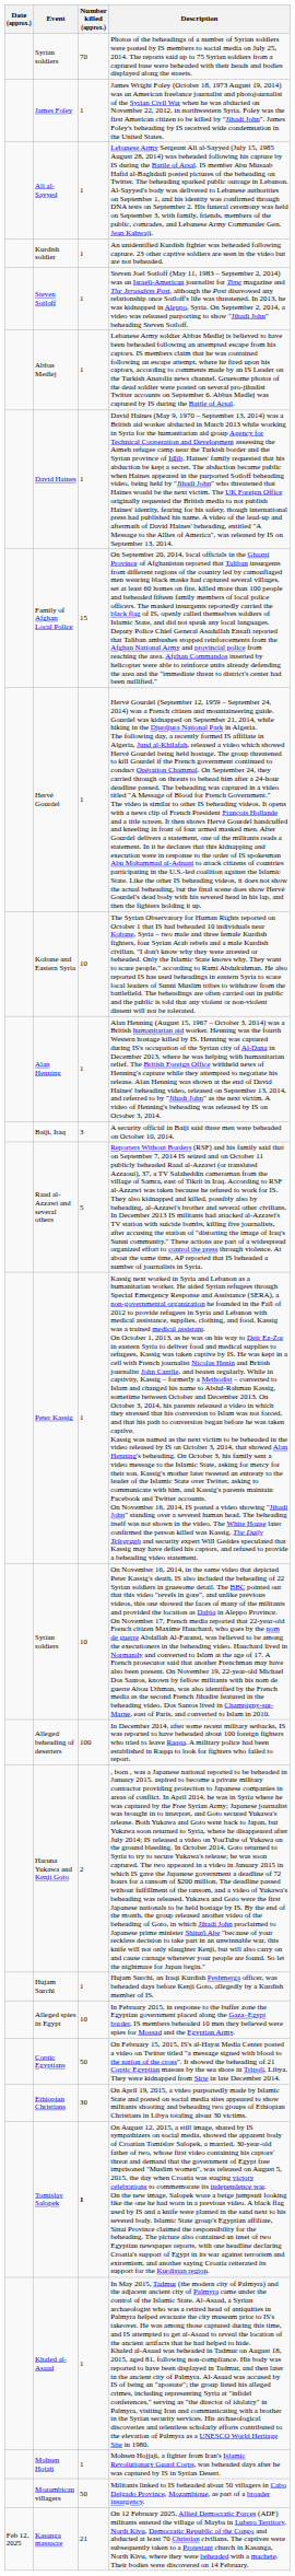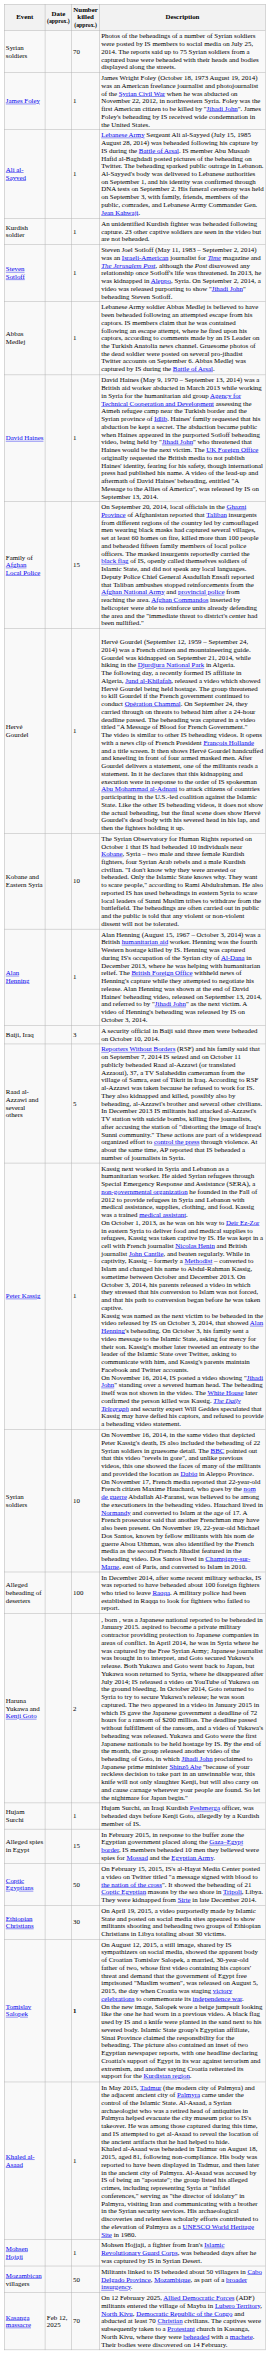 <table class="wikitable sortable toptextcells">
 <tr>
+<th>Event</th>
 <th>Date<br><small>(approx.)</small></th>
-<th>Event</th>
 <th>Number killed<br><small>(approx.)</small></th>
 <th>Description</th>
 </tr>
 <tr>
+<td>Syrian soldiers</td>
 <td></td>
-<td>Syrian soldiers</td>
 <td>70</td>
 <td>Photos of the beheadings of a number of Syrian soldiers were posted by IS members to social media on July 25, 2014. The reports said up to 75 Syrian soldiers from a captured base were beheaded with their heads and bodies displayed along the streets.</td>
 </tr>
 <tr>
+<td><a href='#'>James Foley</a></td>
 <td></td>
-<td><a href='#'>James Foley</a></td>
 <td>1</td>
 <td>James Wright Foley (October 18, 1973 August 19, 2014) was an American freelance journalist and photojournalist of the <a href='#'>Syrian Civil War</a> when he was abducted on November 22, 2012, in northwestern Syria. Foley was the first American citizen to be killed by "<a href='#'>Jihadi John</a>". James Foley's beheading by IS received wide condemnation in the United States.</td>
 </tr>
 <tr>
+<td><a href='#'>Ali al-Sayyed</a></td>
 <td></td>
-<td><a href='#'>Ali al-Sayyed</a></td>
 <td>1</td>
 <td><a href='#'>Lebanese Army</a> Sergeant Ali al-Sayyed (July 15, 1985 August 28, 2014) was beheaded following his capture by IS during the <a href='#'>Battle of Arsal</a>. IS member Abu Musaab Hafid al-Baghdadi posted pictures of the beheading on Twitter. The beheading sparked public outrage in Lebanon. Al-Sayyed's body was delivered to Lebanese authorities on September 1, and his identity was confirmed through DNA tests on September 2. His funeral ceremony was held on September 3, with family, friends, members of the public, comrades, and Lebanese Army Commander Gen. <a href='#'>Jean Kahwaji</a>.</td>
 </tr>
 <tr>
+<td>Kurdish soldier</td>
 <td></td>
-<td>Kurdish soldier</td>
 <td>1</td>
 <td>An unidentified Kurdish fighter was beheaded following capture. 23 other captive soldiers are seen in the video but are not beheaded.</td>
 </tr>
 <tr>
+<td><a href='#'>Steven Sotloff</a></td>
 <td></td>
-<td><a href='#'>Steven Sotloff</a></td>
 <td>1</td>
 <td>Steven Joel Sotloff (May 11, 1983 –  September 2, 2014) was an <a href='#'>Israeli-American</a> journalist for <em><a href='#'>Time</a></em> magazine and <em><a href='#'>The Jerusalem Post</a></em>, although the <em>Post</em> disavowed any relationship once Sotloff's life was threatened. In 2013, he was kidnapped in <a href='#'>Aleppo</a>, Syria. On September 2, 2014, a video was released purporting to show "<a href='#'>Jihadi John</a>" beheading Steven Sotloff.</td>
 </tr>
 <tr>
+<td>Abbas Medlej</td>
 <td></td>
-<td>Abbas Medlej</td>
 <td>1</td>
 <td>Lebanese Army soldier Abbas Medlej is believed to have been beheaded following an attempted escape from his captors. IS members claim that he was contained following an escape attempt, where he fired upon his captors, according to comments made by an IS Leader on the Turkish Anatolia news channel. Gruesome photos of the dead soldier were posted on several pro-jihadist Twitter accounts on September 6. Abbas Medlej was captured by IS during the <a href='#'>Battle of Arsal</a>.</td>
 </tr>
 <tr>
+<td><a href='#'>David Haines</a></td>
 <td></td>
-<td><a href='#'>David Haines</a></td>
 <td>1</td>
 <td>David Haines (May 9, 1970 –  September 13, 2014) was a British aid worker abducted in March 2013 while working in Syria for the humanitarian aid group <a href='#'>Agency for Technical Cooperation and Development</a> assessing the Atmeh refugee camp near the Turkish border and the Syrian province of <a href='#'>Idlib</a>. Haines' family requested that his abduction be kept a secret. The abduction became public when Haines appeared in the purported Sotloff beheading video, being held by "<a href='#'>Jihadi John</a>" who threatened that Haines would be the next victim. The <a href='#'>UK Foreign Office</a> originally requested the British media to not publish Haines' identity, fearing for his safety, though international press had published his name. A video of the lead-up and aftermath of David Haines' beheading, entitled "A Message to the Allies of America", was released by IS on September 13, 2014.</td>
 </tr>
 <tr>
+<td>Family of <a href='#'>Afghan Local Police</a></td>
 <td></td>
-<td>Family of <a href='#'>Afghan Local Police</a></td>
 <td>15</td>
 <td>On September 20, 2014, local officials in the <a href='#'>Ghazni Province</a> of Afghanistan reported that <a href='#'>Taliban</a> insurgents from different regions of the country led by camouflaged men wearing black masks had captured several villages, set at least 60 homes on fire, killed more than 100 people and beheaded fifteen family members of local police officers. The masked insurgents reportedly carried the <a href='#'>black flag</a> of IS, openly called themselves soldiers of Islamic State, and did not speak any local languages.<br>Deputy Police Chief General Asadullah Ensafi reported that Taliban ambushes stopped reinforcements from the <a href='#'>Afghan National Army</a> and <a href='#'>provincial police</a> from reaching the area. <a href='#'>Afghan Commandos</a> inserted by helicopter were able to reinforce units already defending the area and the "immediate threat to district's center had been nullified."</td>
 </tr>
 <tr>
+<td>Hervé Gourdel</td>
 <td></td>
-<td>Hervé Gourdel</td>
 <td>1</td>
 <td><br>Hervé Gourdel (September 12, 1959 –  September 24, 2014) was a French citizen and mountaineering guide. Gourdel was kidnapped on September 21, 2014, while hiking in the <a href='#'>Djurdjura National Park</a> in Algeria.<br>The following day, a recently formed IS affiliate in Algeria, <a href='#'>Jund al-Khilafah</a>, released a video which showed Hervé Gourdel being held hostage. The group threatened to kill Gourdel if the French government continued to conduct <a href='#'>Opération Chammal</a>. On September 24, they carried through on threats to behead him after a 24-hour deadline passed. The beheading was captured in a video titled "A Message of Blood for French Government."<br>The video is similar to other IS beheading videos. It opens with a news clip of French President <a href='#'>François Hollande</a> and a title screen. It then shows Hervé Gourdel handcuffed and kneeling in front of four armed masked men. After Gourdel delivers a statement, one of the militants reads a statement. In it he declares that this kidnapping and execution were in response to the order of IS spokesman <a href='#'>Abu Mohammad al-Adnani</a> to attack citizens of countries participating in the U.S.-led coalition against the Islamic State. Like the other IS beheading videos, it does not show the actual beheading, but the final scene does show Hervé Gourdel's dead body with his severed head in his lap, and then the fighters holding it up.</td>
 </tr>
 <tr>
+<td>Kobane and Eastern Syria</td>
 <td></td>
-<td>Kobane and Eastern Syria</td>
 <td>10</td>
 <td>The Syrian Observatory for Human Rights reported on October 1 that IS had beheaded 10 individuals near <a href='#'>Kobane</a>, Syria – two male and three female Kurdish fighters, four Syrian Arab rebels and a male Kurdish civilian. "I don't know why they were arrested or beheaded. Only the Islamic State knows why. They want to scare people," according to Rami Abdulrahman. He also reported IS has used beheadings in eastern Syria to scare local leaders of Sunni Muslim tribes to withdraw from the battlefield. The beheadings are often carried out in public and the public is told that any violent or non-violent dissent will not be tolerated.</td>
 </tr>
 <tr>
+<td><a href='#'>Alan Henning</a></td>
 <td></td>
-<td><a href='#'>Alan Henning</a></td>
 <td>1</td>
 <td>Alan Henning (August 15, 1967 –  October 3, 2014) was a British <a href='#'>humanitarian aid</a> worker. Henning was the fourth Western hostage killed by IS. Henning was captured during IS's occupation of the Syrian city of <a href='#'>Al-Dana</a> in December 2013, where he was helping with humanitarian relief. The <a href='#'>British Foreign Office</a> withheld news of Henning's capture while they attempted to negotiate his release. Alan Henning was shown at the end of David Haines' beheading video, released on September 13, 2014, and referred to by "<a href='#'>Jihadi John</a>" as the next victim. A video of Henning's beheading was released by IS on October 3, 2014.</td>
 </tr>
 <tr>
+<td>Baiji, Iraq</td>
 <td></td>
-<td>Baiji, Iraq</td>
 <td>3</td>
 <td>A security official in Baiji said three men were beheaded on October 10, 2014.</td>
 </tr>
 <tr>
+<td>Raad al-Azzawi and several others</td>
 <td></td>
-<td>Raad al-Azzawi and several others</td>
 <td>5<br></td>
 <td><a href='#'>Reporters Without Borders</a> (RSF) and his family said that on September 7, 2014 IS seized and on October 11 publicly beheaded Raad al-Azzawi (or translated Azzaoui), 37, a TV Salaheddin cameraman from the village of Samra, east of Tikrit in Iraq. According to RSF al-Azzawi was taken because he refused to work for IS. They also kidnapped and killed, possibly also by beheading, al-Azzawi's brother and several other civilians.  In December 2013 IS militants had attacked al-Azzawi's TV station with suicide bombs, killing five journalists, after accusing the station of "distorting the image of Iraq's Sunni community." These actions are part of a widespread organized effort to <a href='#'>control the press</a> through violence. At about the same time, AP reported that IS beheaded a number of journalists in Syria.</td>
 </tr>
 <tr>
+<td><a href='#'>Peter Kassig</a></td>
 <td></td>
-<td><a href='#'>Peter Kassig</a></td>
 <td>1<br></td>
 <td>Kassig next worked in Syria and Lebanon as a humanitarian worker. He aided Syrian refugees through Special Emergency Response and Assistance (SERA), a <a href='#'>non-governmental organization</a> he founded in the Fall of 2012 to provide refugees in Syria and Lebanon with medical assistance, supplies, clothing, and food. Kassig was a trained <a href='#'>medical assistant</a>.<br>On October 1, 2013, as he was on his way to <a href='#'>Deir Ez-Zor</a> in eastern Syria to deliver food and medical supplies to refugees, Kassig was taken captive by IS. He was kept in a cell with French journalist <a href='#'>Nicolas Henin</a> and British journalist <a href='#'>John Cantlie</a>, and beaten regularly. While in captivity, Kassig – formerly a <a href='#'>Methodist</a> – converted to Islam and changed his name to Abdul-Rahman Kassig, sometime between October and December 2013. On October 3, 2014, his parents released a video in which they stressed that his conversion to Islam was not forced, and that his path to conversion began before he was taken captive.<br>Kassig was named as the next victim to be beheaded in the video released by IS on October 3, 2014, that showed <a href='#'>Alan Henning</a>'s beheading. On October 3, his family sent a video message to the Islamic State, asking for mercy for their son. Kassig's mother later tweeted an entreaty to the leader of the Islamic State over Twitter, asking to communicate with him, and Kassig's parents maintain Facebook and Twitter accounts.<br>On November 16, 2014, IS posted a video showing "<a href='#'>Jihadi John</a>" standing over a severed human head. The beheading itself was not shown in the video. The <a href='#'>White House</a> later confirmed the person killed was Kassig. <em><a href='#'>The Daily Telegraph</a></em> and security expert Will Geddes speculated that Kassig may have defied his captors, and refused to provide a beheading video statement.</td>
 </tr>
 <tr>
+<td>Syrian soldiers</td>
 <td></td>
-<td>Syrian soldiers</td>
 <td>10</td>
 <td>On November 16, 2014, in the same video that depicted Peter Kassig's death, IS also included the beheading of 22 Syrian soldiers in gruesome detail. The <a href='#'>BBC</a> pointed out that this video "revels in gore", and unlike previous videos, this one showed the faces of many of the militants and provided the location as <a href='#'>Dabiq</a> in Aleppo Province.<br>On November 17, French media reported that 22-year-old French citizen Maxime Hauchard, who goes by the <a href='#'>nom de guerre</a> Abdallah Al-Faransi, was believed to be among the executioners in the beheading video. Hauchard lived in <a href='#'>Normandy</a> and converted to Islam at the age of 17. A French prosecutor said that another Frenchman may have also been present. On November 19, 22-year-old Michael Dos Santos, known by fellow militants with his nom de guerre Abou Uthman, was also identified by the French media as the second French Jihadist featured in the beheading video. Dos Santos lived in <a href='#'>Champigny-sur-Marne</a>, east of Paris, and converted to Islam in 2010.</td>
 </tr>
 <tr>
+<td>Alleged beheading of deserters</td>
 <td></td>
-<td>Alleged beheading of deserters</td>
 <td>100</td>
 <td>In December 2014, after some recent military setbacks, IS was reported to have beheaded about 100 foreign fighters who tried to leave <a href='#'>Raqqa</a>. A military police had been established in Raqqa to look for fighters who failed to report.</td>
 </tr>
 <tr>
+<td>Haruna Yukawa and <a href='#'>Kenji Goto</a></td>
 <td></td>
-<td>Haruna Yukawa and <a href='#'>Kenji Goto</a></td>
 <td>2</td>
 <td>, born , was a Japanese national reported to be beheaded in January 2015.  aspired to become a private military contractor providing protection to Japanese companies in areas of conflict. In April 2014, he was in Syria where he was captured by the Free Syrian Army; Japanese journalist  was brought in to interpret, and Goto secured Yukawa's release. Both Yukawa and Goto went back to Japan, but Yukawa soon returned to Syria, where he disappeared after July 2014; IS released a video on YouTube of Yukawa on the ground bleeding. In October 2014, Goto returned to Syria to try to secure Yukawa's release; he was soon captured. The two appeared in a video in January 2015 in which IS gave the Japanese government a deadline of 72 hours for a ransom of $200 million. The deadline passed without fulfillment of the ransom, and a video of Yukawa's beheading was released. Yukawa and Goto were the first Japanese nationals to be held hostage by IS. By the end of the month, the group released another video of the beheading of Goto, in which <a href='#'>Jihadi John</a> proclaimed to Japanese prime minister <a href='#'>Shinzō Abe</a> "because of your reckless decision to take part in an unwinnable war, this knife will not only slaughter Kenji, but will also carry on and cause carnage wherever your people are found. So let the nightmare for Japan begin."</td>
 </tr>
 <tr>
+<td>Hujam Surchi</td>
 <td></td>
-<td>Hujam Surchi</td>
 <td>1</td>
 <td>Hujam Surchi, an Iraqi Kurdish <a href='#'>Peshmerga</a> officer, was beheaded days before Kenji Goto, allegedly by a Kurdish member of IS.</td>
 </tr>
 <tr>
+<td>Alleged spies in Egypt</td>
 <td></td>
-<td>Alleged spies in Egypt</td>
-<td>10</td>
+<td>15</td>
 <td>In February 2015, in response to the buffer zone the Egyptian government placed along the <a href='#'>Gaza–Egypt border</a>, IS members beheaded 10 men they believed were spies for <a href='#'>Mossad</a> and the <a href='#'>Egyptian Army</a>.</td>
 </tr>
 <tr>
+<td><a href='#'>Coptic Egyptians</a></td>
 <td></td>
-<td><a href='#'>Coptic Egyptians</a></td>
 <td>50</td>
 <td>On February 15, 2015, IS's al-Hayat Media Center posted a video on Twitter titled "a message signed with blood to <a href='#'>the nation of the cross</a>". It showed the beheading of 21 <a href='#'>Coptic Egyptian</a> masons by the sea shore in <a href='#'>Tripoli</a>, Libya. They were kidnapped from <a href='#'>Sirte</a> in late December 2014.</td>
 </tr>
 <tr>
+<td><a href='#'>Ethiopian Christians</a></td>
 <td></td>
-<td><a href='#'>Ethiopian Christians</a></td>
 <td>30</td>
 <td>On April 19, 2015, a video purportedly made by Islamic State and posted on social media sites appeared to show militants shooting and beheading two groups of Ethiopian Christians in Libya totaling about 30 victims.</td>
 </tr>
 <tr>
+<td><a href='#'>Tomislav Salopek</a></td>
 <td></td>
-<td><a href='#'>Tomislav Salopek</a></td>
 <td><strong>1</strong></td>
 <td>On August 12, 2015, a still image, shared by IS sympathizers on social media, showed the apparent body of Croatian Tomislav Salopek, a married, 30-year-old father of two, whose first video containing his captors′ threat and demand that the government of Egypt free imprisoned "Muslim women", was released on August 5, 2015, the day when Croatia was staging <a href='#'>victory celebrations</a> to commemorate its <a href='#'>independence war</a>.<br>On the new image, Salopek wore a beige jumpsuit looking like the one he had worn in a previous video. A black flag used by IS and a knife were planted in the sand next to his severed body. Islamic State group's Egyptian affiliate, Sinai Province claimed the responsibility for the beheading. The picture also contained an inset of two Egyptian newspaper reports, with one headline declaring Croatia's support of Egypt in its war against terrorism and extremism, and another saying Croatia reiterated its support for the <a href='#'>Kurdistan region</a>.</td>
 </tr>
 <tr>
+<td><a href='#'>Khaled al-Asaad</a></td>
 <td></td>
-<td><a href='#'>Khaled al-Asaad</a></td>
 <td>1</td>
 <td>In May 2015, <a href='#'>Tadmur</a> (the modern city of Palmyra) and the adjacent ancient city of <a href='#'>Palmyra</a> came under the control of the Islamic State. Al-Asaad, a Syrian archaeologist who was a retired head of antiquities in Palmyra helped evacuate the city museum prior to IS's takeover. He was among those captured during this time, and IS attempted to get al-Asaad to reveal the location of the ancient artifacts that he had helped to hide.<br>Khaled al-Asaad was beheaded in Tadmur on August 18, 2015, aged 81, following non-compliance. His body was reported to have been displayed in Tadmur, and then later in the ancient city of Palmyra. Al-Asaad was accused by IS of being an "apostate"; the group listed his alleged crimes, including representing Syria at "infidel conferences," serving as "the director of idolatry" in Palmyra, visiting Iran and communicating with a brother in the Syrian security services. His archaeological discoveries and relentless scholarly efforts contributed to the elevation of Palmyra as a <a href='#'>UNESCO World Heritage Site</a> in 1980.</td>
 </tr>
 <tr>
+<td><a href='#'>Mohsen Hojaji</a></td>
 <td></td>
-<td><a href='#'>Mohsen Hojaji</a></td>
 <td>1</td>
 <td>Mohsen Hojjaji, a fighter from Iran's <a href='#'>Islamic Revolutionary Guard Corps</a>, was beheaded days after he was captured by IS in Syrian Desert.</td>
 </tr>
 <tr>
+<td><a href='#'>Mozambican</a> villagers</td>
 <td></td>
-<td><a href='#'>Mozambican</a> villagers</td>
 <td>50</td>
 <td>Militants linked to IS beheaded about 50 villagers in <a href='#'>Cabo Delgado Province</a>, <a href='#'>Mozambique</a>, as part of a <a href='#'>broader insurgency</a>.</td>
 </tr>
 <tr>
+<td><a href='#'>Kasanga massacre</a></td>
 <td>Feb 12, 2025</td>
-<td><a href='#'>Kasanga massacre</a></td>
-<td>21</td>
+<td>70</td>
 <td>On 12 February 2025, <a href='#'>Allied Democratic Forces</a> (ADF) militants entered the village of Mayba in <a href='#'>Lubero Territory</a>, <a href='#'>North Kivu</a>, <a href='#'>Democratic Republic of the Congo</a> and abducted at least 70 <a href='#'>Christian</a> civilians. The captives were subsequently taken to a <a href='#'>Protestant</a> church in Kasanga, North Kivu, where they were <a href='#'>beheaded</a> with a <a href='#'>machete</a>. Their bodies were discovered on 14 February.</td>
 </tr>
 </table>
